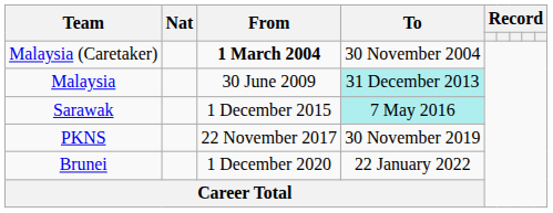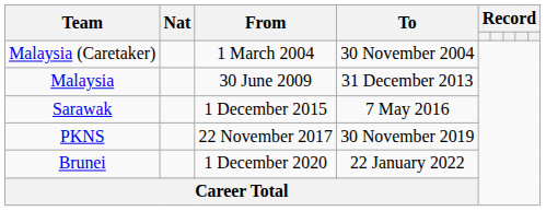 <table class="wikitable" style="text-align:center">
 <tr>
 <th rowspan="2">Team</th>
 <th rowspan="2">Nat</th>
 <th rowspan="2">From</th>
 <th rowspan="2">To</th>
 <th colspan="5">Record</th>
 </tr>
 <tr>
 <th></th>
 <th></th>
 <th></th>
 <th></th>
 <th></th>
 </tr>
 <tr>
 <td><a href='#'>Malaysia</a> (Caretaker)</td>
 <td></td>
-<td><strong>1 March 2004</strong></td>
+<td>1 March 2004</td>
 <td>30 November 2004<br></td>
 </tr>
 <tr>
 <td><a href='#'>Malaysia</a></td>
 <td></td>
 <td>30 June 2009</td>
-<td style="background: paleturquoise;">31 December 2013<br></td>
+<td>31 December 2013<br></td>
 </tr>
 <tr>
 <td><a href='#'>Sarawak</a></td>
 <td></td>
 <td>1 December 2015</td>
-<td style="background: paleturquoise;">7 May 2016<br></td>
+<td>7 May 2016<br></td>
 </tr>
 <tr>
 <td><a href='#'>PKNS</a></td>
 <td></td>
 <td>22 November 2017</td>
 <td>30 November 2019<br></td>
 </tr>
 <tr>
 <td><a href='#'>Brunei</a></td>
 <td></td>
 <td>1 December 2020</td>
 <td>22 January 2022<br></td>
 </tr>
 <tr>
 <th colspan="4">Career Total<br></th>
 </tr>
 </table>
